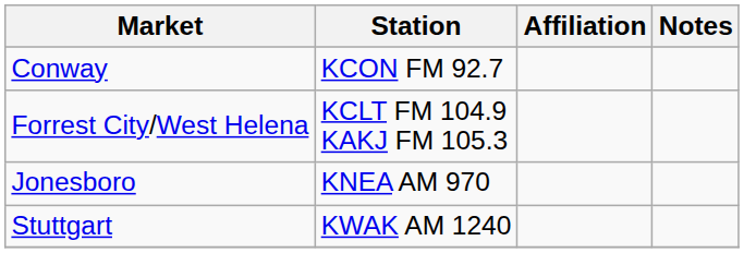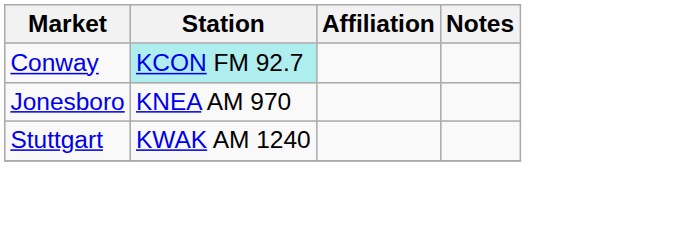 <table class="wikitable" border="1">
 <tr>
 <th>Market</th>
 <th>Station</th>
 <th>Affiliation</th>
 <th>Notes</th>
 </tr>
 <tr>
 <td><a href='#'>Conway</a></td>
-<td><a href='#'>KCON</a> FM 92.7</td>
-<td></td>
-<td></td>
-</tr>
-<tr>
-<td><a href='#'>Forrest City</a>/<a href='#'>West Helena</a></td>
-<td><a href='#'>KCLT</a> FM 104.9 <br> <a href='#'>KAKJ</a> FM 105.3</td>
+<td style="background: paleturquoise;"><a href='#'>KCON</a> FM 92.7</td>
 <td></td>
 <td></td>
 </tr>
 <tr>
 <td><a href='#'>Jonesboro</a></td>
 <td><a href='#'>KNEA</a> AM 970</td>
 <td></td>
 <td></td>
 </tr>
 <tr>
 <td><a href='#'>Stuttgart</a></td>
 <td><a href='#'>KWAK</a> AM 1240</td>
 <td></td>
 <td></td>
 </tr>
 <tr>
 </tr>
 </table>
